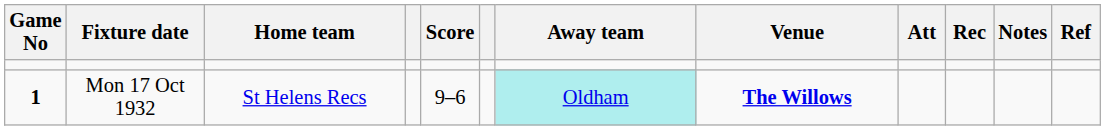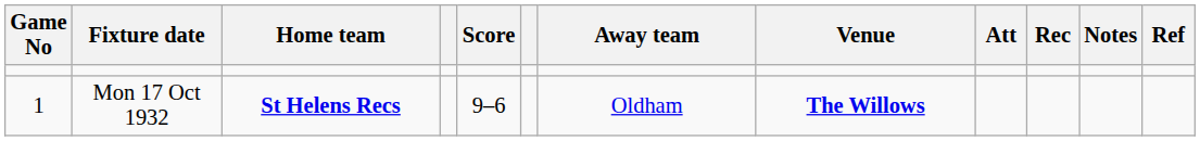 <table class="wikitable" style="text-align:center;">
 <tr>
 <th width=20 abbr="No">Game No</th>
 <th width=100 abbr="Date">Fixture date</th>
 <th width=150 abbr="Home team">Home team</th>
 <th width=5 abbr="space"></th>
 <th width=20 abbr="Score">Score</th>
 <th width=5 abbr="space"></th>
 <th width=150 abbr="Away team">Away team</th>
 <th width=150 abbr="Venue">Venue</th>
 <th width=30 abbr="Att">Att</th>
 <th width=30 abbr="Rec">Rec</th>
 <th width=20 abbr="Notes">Notes</th>
 <th width=30 abbr="Ref">Ref</th>
 </tr>
 <tr>
 <td></td>
 <td></td>
 <td></td>
 <td></td>
 <td></td>
 <td></td>
 <td></td>
 <td></td>
 <td></td>
 <td></td>
 <td></td>
 </tr>
 <tr>
-<td><strong>1</strong></td>
+<td>1</td>
 <td>Mon 17 Oct 1932</td>
-<td><a href='#'>St Helens Recs</a></td>
+<td><strong><a href='#'>St Helens Recs</a></strong></td>
 <td></td>
 <td>9–6</td>
 <td></td>
-<td style="background: paleturquoise;"><a href='#'>Oldham</a></td>
+<td><a href='#'>Oldham</a></td>
 <td><strong><a href='#'>The Willows</a></strong></td>
 <td></td>
 <td></td>
 <td></td>
 <td></td>
 </tr>
 </table>
